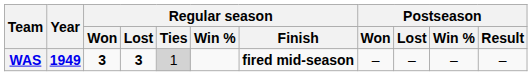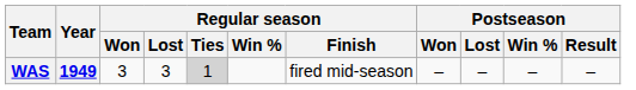 <table class="wikitable" style="font-size:95%; text-align:center;">
 <tr>
 <th rowspan="2">Team</th>
 <th rowspan="2">Year</th>
 <th colspan="5">Regular season</th>
 <th colspan="4">Postseason</th>
 </tr>
 <tr>
 <th>Won</th>
 <th>Lost</th>
 <th>Ties</th>
 <th>Win %</th>
 <th>Finish</th>
 <th>Won</th>
 <th>Lost</th>
 <th>Win %</th>
 <th>Result</th>
 </tr>
 <tr>
 <th><a href='#'>WAS</a></th>
 <th><a href='#'>1949</a></th>
-<td><strong>3</strong></td>
-<td><strong>3</strong></td>
+<td>3</td>
+<td>3</td>
 <td style="background: lightgrey;">1</td>
 <td></td>
-<td><strong>fired mid-season</strong></td>
+<td>fired mid-season</td>
 <td>–</td>
 <td>–</td>
 <td>–</td>
 <td>–</td>
 </tr>
 </table>
